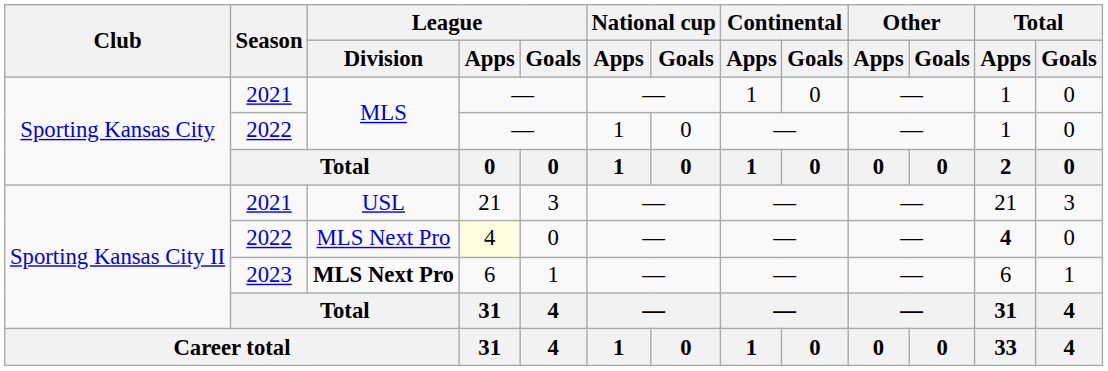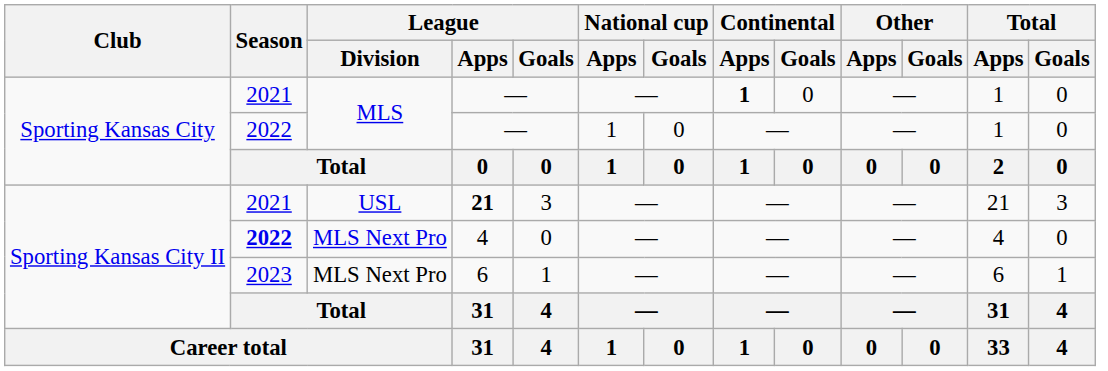 <table class="wikitable" style="text-align:center">
 <tr>
 <th rowspan="2">Club</th>
 <th rowspan="2">Season</th>
 <th colspan="3">League</th>
 <th colspan="2">National cup</th>
 <th colspan="2">Continental</th>
 <th colspan="2">Other</th>
 <th colspan="2">Total</th>
 </tr>
 <tr>
 <th>Division</th>
 <th>Apps</th>
 <th>Goals</th>
 <th>Apps</th>
 <th>Goals</th>
 <th>Apps</th>
 <th>Goals</th>
 <th>Apps</th>
 <th>Goals</th>
 <th>Apps</th>
 <th>Goals</th>
 </tr>
 <tr>
 <td rowspan="3"><a href='#'>Sporting Kansas City</a></td>
 <td><a href='#'>2021</a></td>
 <td rowspan="2"><a href='#'>MLS</a></td>
 <td colspan=2>—</td>
 <td colspan=2>—</td>
-<td>1</td>
+<td><strong>1</strong></td>
 <td>0</td>
 <td colspan=2>—</td>
 <td>1</td>
 <td>0</td>
 </tr>
 <tr>
 <td><a href='#'>2022</a></td>
 <td colspan=2>—</td>
 <td>1</td>
 <td>0</td>
 <td colspan=2>—</td>
 <td colspan=2>—</td>
 <td>1</td>
 <td>0</td>
 </tr>
 <tr>
 <th colspan="2">Total</th>
 <th>0</th>
 <th>0</th>
 <th>1</th>
 <th>0</th>
 <th>1</th>
 <th>0</th>
 <th>0</th>
 <th>0</th>
 <th>2</th>
 <th>0</th>
 </tr>
 <tr>
 <td rowspan="4"><a href='#'>Sporting Kansas City II</a></td>
 <td><a href='#'>2021</a></td>
 <td><a href='#'>USL</a></td>
-<td>21</td>
+<td><strong>21</strong></td>
 <td>3</td>
 <td colspan=2>—</td>
 <td colspan=2>—</td>
 <td colspan=2>—</td>
 <td>21</td>
 <td>3</td>
 </tr>
 <tr>
-<td><a href='#'>2022</a></td>
+<td><strong><a href='#'>2022</a></strong></td>
 <td><a href='#'>MLS Next Pro</a></td>
-<td style="background: lightyellow;">4</td>
+<td>4</td>
 <td>0</td>
 <td colspan=2>—</td>
 <td colspan=2>—</td>
 <td colspan=2>—</td>
-<td><strong>4</strong></td>
+<td>4</td>
 <td>0</td>
 </tr>
 <tr>
 <td><a href='#'>2023</a></td>
-<td><strong>MLS Next Pro</strong></td>
+<td>MLS Next Pro</td>
 <td>6</td>
 <td>1</td>
 <td colspan=2>—</td>
 <td colspan=2>—</td>
 <td colspan=2>—</td>
 <td>6</td>
 <td>1</td>
 </tr>
 <tr>
 <th colspan="2">Total</th>
 <th>31</th>
 <th>4</th>
 <th colspan=2>—</th>
 <th colspan=2>—</th>
 <th colspan=2>—</th>
 <th>31</th>
 <th>4</th>
 </tr>
 <tr>
 <th colspan=3>Career total</th>
 <th>31</th>
 <th>4</th>
 <th>1</th>
 <th>0</th>
 <th>1</th>
 <th>0</th>
 <th>0</th>
 <th>0</th>
 <th>33</th>
 <th>4</th>
 </tr>
 </table>
